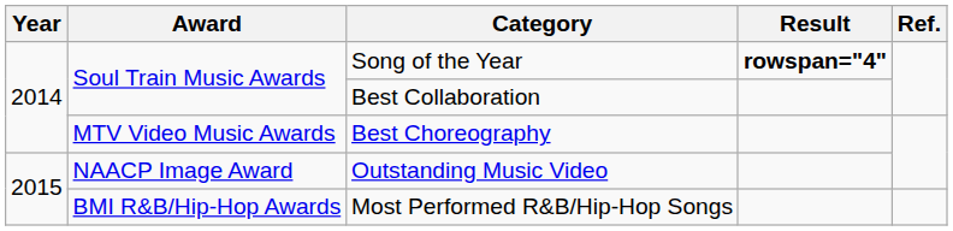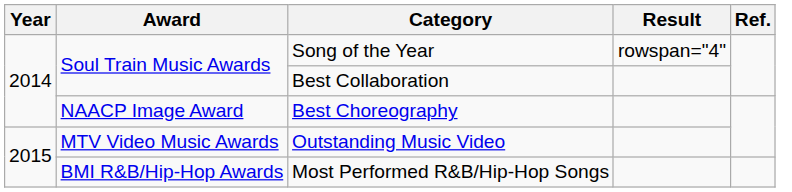 <table class="wikitable">
 <tr>
 <th scope="col">Year</th>
 <th scope="col">Award</th>
 <th scope="col">Category</th>
 <th scope="col">Result</th>
 <th scope="col">Ref.</th>
 </tr>
 <tr>
 <td rowspan="3">2014</td>
 <td rowspan="2"><a href='#'>Soul Train Music Awards</a></td>
 <td>Song of the Year</td>
-<td><strong>rowspan="4" </strong></td>
+<td>rowspan="4" </td>
 <td style="text-align:center;" rowspan="2"></td>
 </tr>
 <tr>
 <td>Best Collaboration</td>
 </tr>
 <tr>
-<td><a href='#'>MTV Video Music Awards</a></td>
+<td><a href='#'>NAACP Image Award</a></td>
 <td><a href='#'>Best Choreography</a></td>
 <td style="text-align:center;"></td>
 </tr>
 <tr>
 <td rowspan="2">2015</td>
-<td><a href='#'>NAACP Image Award</a></td>
+<td><a href='#'>MTV Video Music Awards</a></td>
 <td><a href='#'>Outstanding Music Video</a></td>
 <td style="text-align:center;"></td>
 </tr>
 <tr>
 <td><a href='#'>BMI R&B/Hip-Hop Awards</a></td>
 <td>Most Performed R&B/Hip-Hop Songs</td>
 <td></td>
 <td style="text-align:center;"></td>
 </tr>
 </table>
